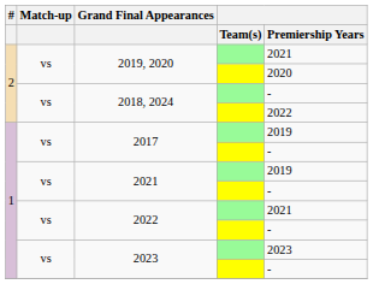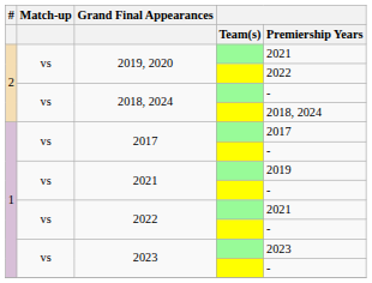 <table class="wikitable unsortable" style="text-align:center">
 <tr>
 <th>#</th>
 <th>Match-up</th>
 <th>Grand Final Appearances</th>
 <th scope="col" colspan="2"></th>
 </tr>
 <tr>
 <th></th>
 <th></th>
 <th></th>
 <th scope="col">Team(s)</th>
 <th scope="col" class="unsortable">Premiership Years</th>
 </tr>
 <tr>
 <td style="background-color:#F5DEB3;" rowspan="4" ;>2</td>
 <td rowspan="2"> vs <br></td>
 <td rowspan="2">2019, 2020</td>
 <td bgcolor=98FB98></td>
 <td align="left">2021</td>
 </tr>
 <tr>
 <td bgcolor=FFFF00></td>
-<td align="left">2020</td>
+<td align="left">2022</td>
 </tr>
 <tr>
 <td rowspan="2"> vs <br></td>
 <td rowspan="2">2018, 2024</td>
 <td bgcolor=98FB98></td>
 <td align="left">-</td>
 </tr>
 <tr>
 <td bgcolor=FFFF00></td>
-<td align="left">2022</td>
+<td align="left">2018, 2024</td>
 </tr>
 <tr>
 <td style="background-color:#D8BFD8;" rowspan="8" ;>1</td>
 <td rowspan="2"> vs <br></td>
 <td rowspan="2">2017</td>
 <td bgcolor=98FB98></td>
-<td align="left">2019</td>
+<td align="left">2017</td>
 </tr>
 <tr>
 <td bgcolor=FFFF00></td>
 <td align="left">-</td>
 </tr>
 <tr>
 <td rowspan="2"> vs <br></td>
 <td rowspan="2">2021</td>
 <td bgcolor=98FB98></td>
 <td align="left">2019</td>
 </tr>
 <tr>
 <td bgcolor=FFFF00></td>
 <td align="left">-</td>
 </tr>
 <tr>
 <td rowspan="2"> vs <br></td>
 <td rowspan="2">2022</td>
 <td bgcolor=98FB98></td>
 <td align="left">2021</td>
 </tr>
 <tr>
 <td bgcolor=FFFF00></td>
 <td align="left">-</td>
 </tr>
 <tr>
 <td rowspan="2"> vs <br></td>
 <td rowspan="2">2023</td>
 <td bgcolor=98FB98></td>
 <td align="left">2023</td>
 </tr>
 <tr>
 <td bgcolor=FFFF00></td>
 <td align="left">-</td>
 </tr>
 <tr>
 </tr>
 </table>
